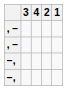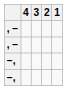 <table class="wikitable">
 <tr ---- valign="center">
 <th></th>
+<th>4</th>
 <th>3</th>
-<th>4</th>
 <th>2</th>
 <th>1</th>
 </tr>
 <tr ---- valign="center"  align="center">
 <th>, −</th>
 <td></td>
 <td></td>
 <td></td>
 <td></td>
 </tr>
 <tr ---- valign="center"  align="center">
 <th>, −</th>
 <td></td>
 <td></td>
 <td></td>
 <td></td>
 </tr>
 <tr ---- valign="center"  align="center">
 <th>−, </th>
 <td></td>
 <td></td>
 <td></td>
 <td></td>
 </tr>
 <tr ---- valign="center"  align="center">
 <th>−, </th>
 <td></td>
 <td></td>
 <td></td>
 <td></td>
 </tr>
 </table>
